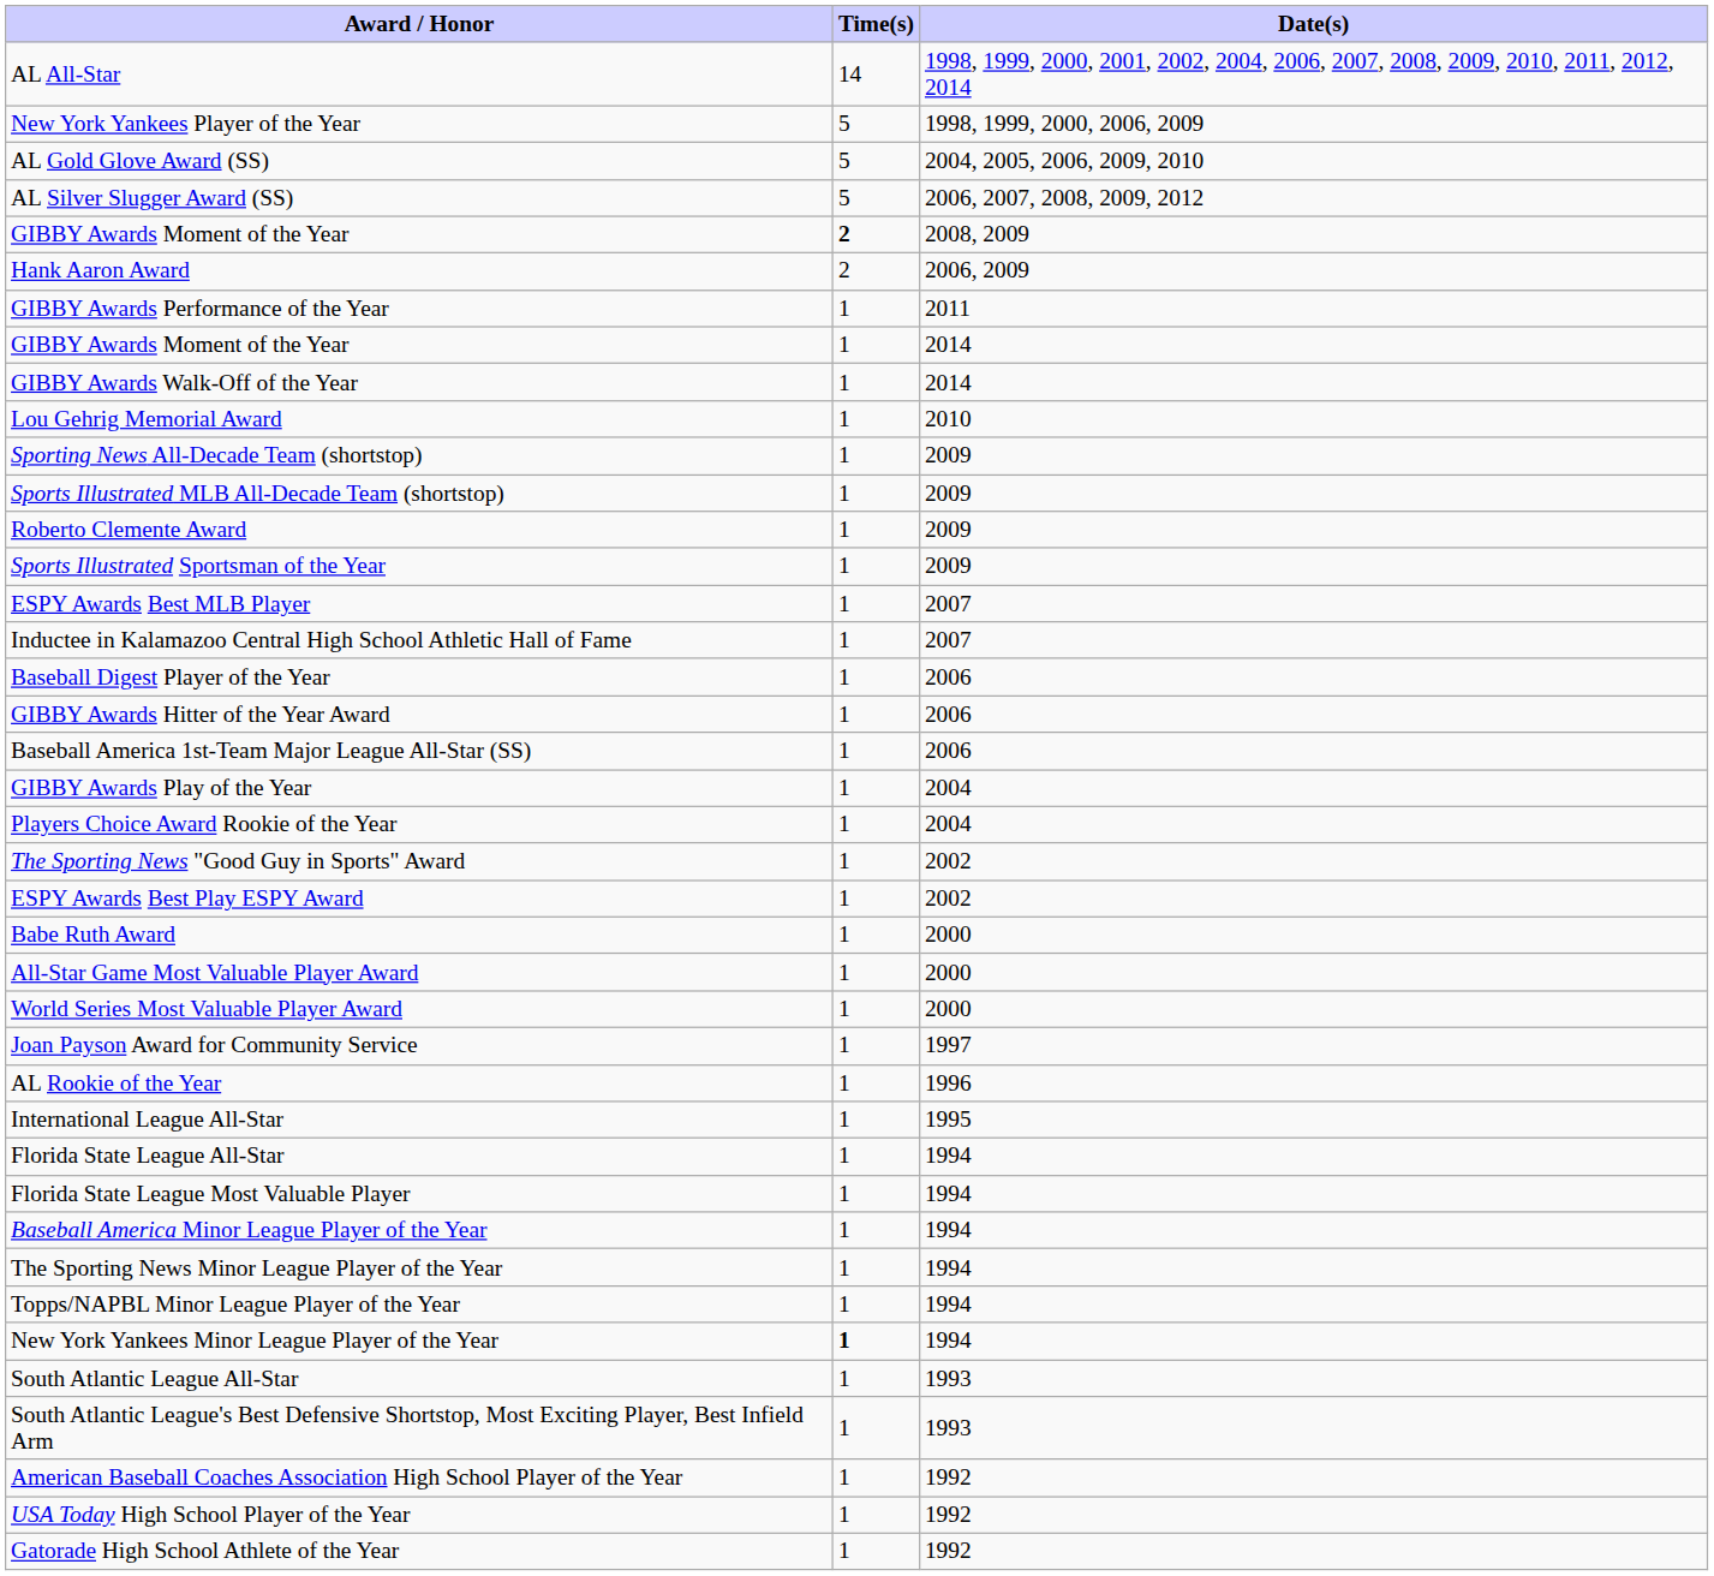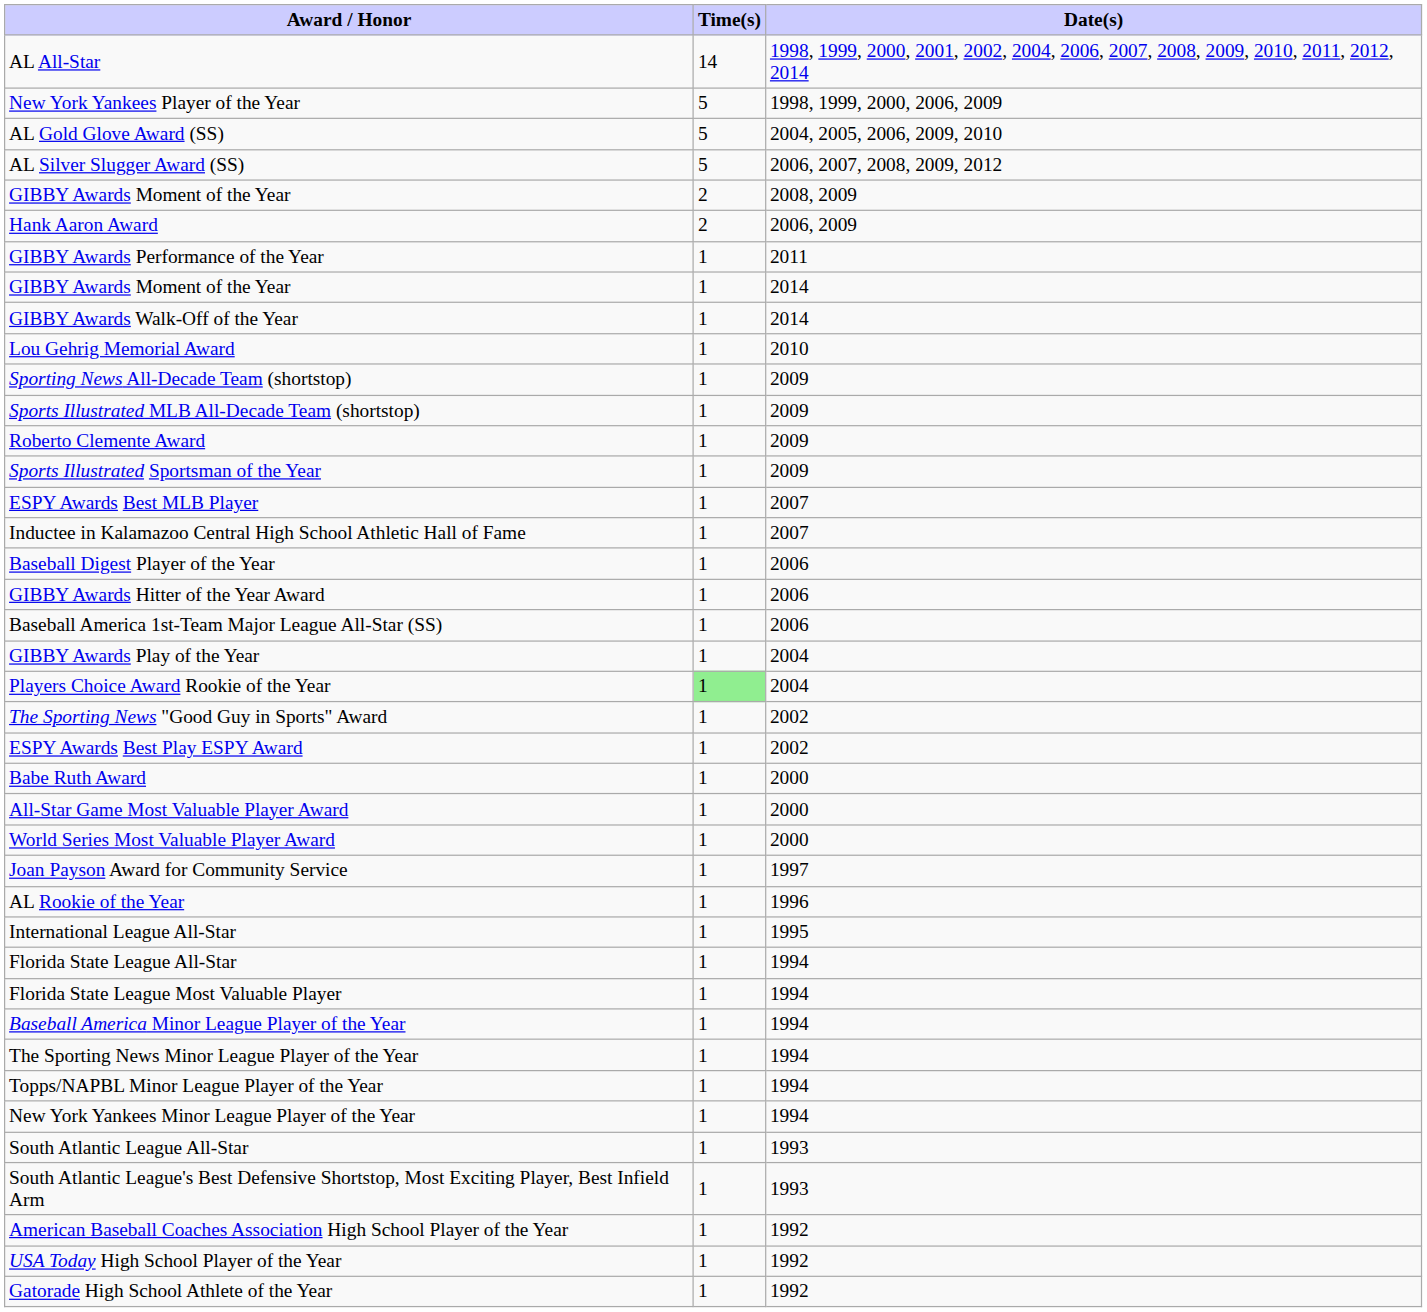 <table class="wikitable sortable" style="width:74%">
 <tr>
 <th style="background:#ccf;">Award / Honor</th>
 <th style="background:#ccf;">Time(s)</th>
 <th style="background:#ccf;">Date(s)</th>
 </tr>
 <tr>
 <td>AL <a href='#'>All-Star</a></td>
 <td>14</td>
 <td><a href='#'>1998</a>, <a href='#'>1999</a>, <a href='#'>2000</a>, <a href='#'>2001</a>, <a href='#'>2002</a>, <a href='#'>2004</a>, <a href='#'>2006</a>, <a href='#'>2007</a>, <a href='#'>2008</a>, <a href='#'>2009</a>, <a href='#'>2010</a>, <a href='#'>2011</a>, <a href='#'>2012</a>, <a href='#'>2014</a></td>
 </tr>
 <tr>
 <td><a href='#'>New York Yankees</a> Player of the Year</td>
 <td>5</td>
 <td>1998, 1999, 2000, 2006, 2009</td>
 </tr>
 <tr>
 <td>AL <a href='#'>Gold Glove Award</a> (SS)</td>
 <td>5</td>
 <td>2004, 2005, 2006, 2009, 2010</td>
 </tr>
 <tr>
 <td>AL <a href='#'>Silver Slugger Award</a> (SS)</td>
 <td>5</td>
 <td>2006, 2007, 2008, 2009, 2012</td>
 </tr>
 <tr>
 <td><a href='#'>GIBBY Awards</a> Moment of the Year</td>
-<td><strong>2</strong></td>
+<td>2</td>
 <td>2008, 2009</td>
 </tr>
 <tr>
 <td><a href='#'>Hank Aaron Award</a></td>
 <td>2</td>
 <td>2006, 2009</td>
 </tr>
 <tr>
 <td><a href='#'>GIBBY Awards</a> Performance of the Year</td>
 <td>1</td>
 <td>2011</td>
 </tr>
 <tr>
 <td><a href='#'>GIBBY Awards</a> Moment of the Year</td>
 <td>1</td>
 <td>2014</td>
 </tr>
 <tr>
 <td><a href='#'>GIBBY Awards</a> Walk-Off of the Year</td>
 <td>1</td>
 <td>2014</td>
 </tr>
 <tr>
 <td><a href='#'>Lou Gehrig Memorial Award</a></td>
 <td>1</td>
 <td>2010</td>
 </tr>
 <tr>
 <td><a href='#'><em>Sporting News</em> All-Decade Team</a> (shortstop)</td>
 <td>1</td>
 <td>2009</td>
 </tr>
 <tr>
 <td><a href='#'><em>Sports Illustrated</em> MLB All-Decade Team</a> (shortstop)</td>
 <td>1</td>
 <td>2009</td>
 </tr>
 <tr>
 <td><a href='#'>Roberto Clemente Award</a></td>
 <td>1</td>
 <td>2009</td>
 </tr>
 <tr>
 <td><em><a href='#'>Sports Illustrated</a></em> <a href='#'>Sportsman of the Year</a></td>
 <td>1</td>
 <td>2009</td>
 </tr>
 <tr>
 <td><a href='#'>ESPY Awards</a> <a href='#'>Best MLB Player</a></td>
 <td>1</td>
 <td>2007</td>
 </tr>
 <tr>
 <td>Inductee in Kalamazoo Central High School Athletic Hall of Fame</td>
 <td>1</td>
 <td>2007</td>
 </tr>
 <tr>
 <td><a href='#'>Baseball Digest</a> Player of the Year</td>
 <td>1</td>
 <td>2006</td>
 </tr>
 <tr>
 <td><a href='#'>GIBBY Awards</a> Hitter of the Year Award</td>
 <td>1</td>
 <td>2006</td>
 </tr>
 <tr>
 <td>Baseball America 1st-Team Major League All-Star (SS)</td>
 <td>1</td>
 <td>2006</td>
 </tr>
 <tr>
 <td><a href='#'>GIBBY Awards</a> Play of the Year</td>
 <td>1</td>
 <td>2004</td>
 </tr>
 <tr>
 <td><a href='#'>Players Choice Award</a> Rookie of the Year</td>
-<td>1</td>
+<td style="background: lightgreen;">1</td>
 <td>2004</td>
 </tr>
 <tr>
 <td><em><a href='#'>The Sporting News</a></em> "Good Guy in Sports" Award</td>
 <td>1</td>
 <td>2002</td>
 </tr>
 <tr>
 <td><a href='#'>ESPY Awards</a> <a href='#'>Best Play ESPY Award</a></td>
 <td>1</td>
 <td>2002</td>
 </tr>
 <tr>
 <td><a href='#'>Babe Ruth Award</a></td>
 <td>1</td>
 <td>2000</td>
 </tr>
 <tr>
 <td><a href='#'>All-Star Game Most Valuable Player Award</a></td>
 <td>1</td>
 <td>2000</td>
 </tr>
 <tr>
 <td><a href='#'>World Series Most Valuable Player Award</a></td>
 <td>1</td>
 <td>2000</td>
 </tr>
 <tr>
 <td><a href='#'>Joan Payson</a> Award for Community Service</td>
 <td>1</td>
 <td>1997</td>
 </tr>
 <tr>
 <td>AL <a href='#'>Rookie of the Year</a></td>
 <td>1</td>
 <td>1996</td>
 </tr>
 <tr>
 <td>International League All-Star</td>
 <td>1</td>
 <td>1995</td>
 </tr>
 <tr>
 <td>Florida State League All-Star</td>
 <td>1</td>
 <td>1994</td>
 </tr>
 <tr>
 <td>Florida State League Most Valuable Player</td>
 <td>1</td>
 <td>1994</td>
 </tr>
 <tr>
 <td><a href='#'><em>Baseball America</em> Minor League Player of the Year</a></td>
 <td>1</td>
 <td>1994</td>
 </tr>
 <tr>
 <td>The Sporting News Minor League Player of the Year</td>
 <td>1</td>
 <td>1994</td>
 </tr>
 <tr>
 <td>Topps/NAPBL Minor League Player of the Year</td>
 <td>1</td>
 <td>1994</td>
 </tr>
 <tr>
 <td>New York Yankees Minor League Player of the Year</td>
-<td><strong>1</strong></td>
+<td>1</td>
 <td>1994</td>
 </tr>
 <tr>
 <td>South Atlantic League All-Star</td>
 <td>1</td>
 <td>1993</td>
 </tr>
 <tr>
 <td>South Atlantic League's Best Defensive Shortstop, Most Exciting Player, Best Infield Arm</td>
 <td>1</td>
 <td>1993</td>
 </tr>
 <tr>
 <td><a href='#'>American Baseball Coaches Association</a> High School Player of the Year</td>
 <td>1</td>
 <td>1992</td>
 </tr>
 <tr>
 <td><em><a href='#'>USA Today</a></em> High School Player of the Year</td>
 <td>1</td>
 <td>1992</td>
 </tr>
 <tr>
 <td><a href='#'>Gatorade</a> High School Athlete of the Year</td>
 <td>1</td>
 <td>1992</td>
 </tr>
 </table>
